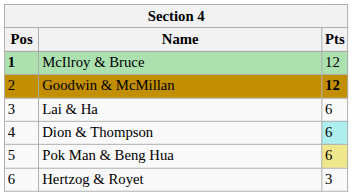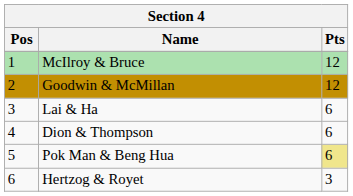 <table class="wikitable">
 <tr>
 <th colspan="6">Section 4</th>
 </tr>
 <tr>
 <th width=30>Pos</th>
 <th width=300>Name</th>
 <th width=20>Pts</th>
 </tr>
 <tr>
 </tr>
 <tr style="background:#ACE1AF;">
-<td><strong>1</strong></td>
+<td>1</td>
 <td> McIlroy & Bruce</td>
 <td>12</td>
 </tr>
 <tr style="background:#c28f02;">
 <td>2</td>
 <td> Goodwin & McMillan</td>
-<td><strong>12</strong></td>
+<td>12</td>
 </tr>
 <tr>
 <td>3</td>
 <td> Lai & Ha</td>
 <td>6</td>
 </tr>
 <tr>
 <td>4</td>
 <td> Dion & Thompson</td>
-<td style="background: paleturquoise;">6</td>
+<td>6</td>
 </tr>
 <tr>
 <td>5</td>
 <td> Pok Man & Beng Hua</td>
 <td style="background: khaki;">6</td>
 </tr>
 <tr>
 <td>6</td>
 <td> Hertzog & Royet</td>
 <td>3</td>
 </tr>
 </table>
